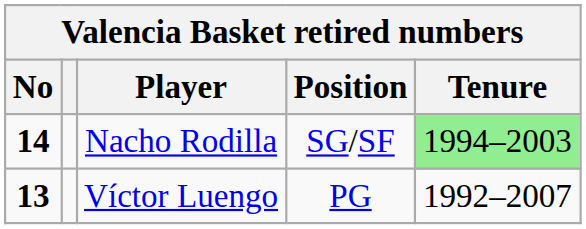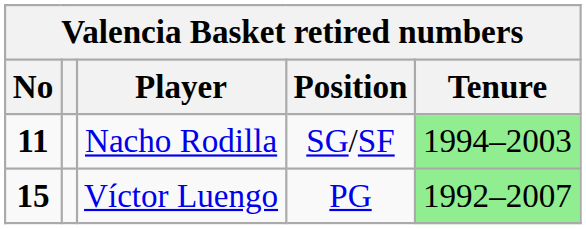 <table class="wikitable sortable" style="font-size: 95%; text-align:center;">
 <tr>
 <th colspan=6>Valencia Basket retired numbers</th>
 </tr>
 <tr>
 <th>No</th>
 <th></th>
 <th>Player</th>
 <th>Position</th>
 <th>Tenure</th>
 </tr>
 <tr>
-<td><strong>14</strong></td>
+<td><strong>11</strong></td>
 <td></td>
 <td><a href='#'>Nacho Rodilla</a></td>
 <td><a href='#'>SG</a>/<a href='#'>SF</a></td>
 <td style="background: lightgreen;">1994–2003</td>
 </tr>
 <tr>
-<td><strong>13</strong></td>
+<td><strong>15</strong></td>
 <td></td>
 <td><a href='#'>Víctor Luengo</a></td>
 <td><a href='#'>PG</a></td>
-<td>1992–2007</td>
+<td style="background: lightgreen;">1992–2007</td>
 </tr>
 </table>
